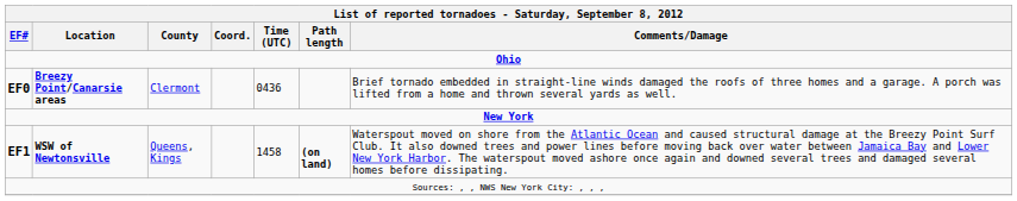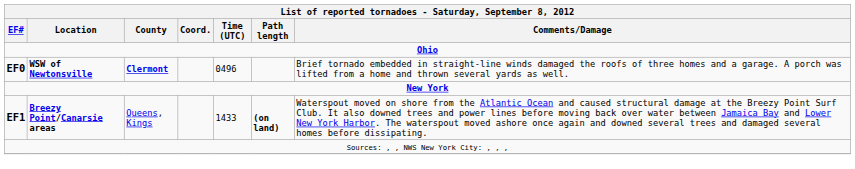 <table class="wikitable collapsible" width="100%">
 <tr>
 <th colspan="7">List of reported tornadoes - Saturday, September 8, 2012</th>
 </tr>
 <tr>
 <th><a href='#'>EF#</a></th>
 <th>Location</th>
 <th>County</th>
 <th>Coord.</th>
 <th>Time (UTC)</th>
 <th>Path length</th>
 <th>Comments/Damage</th>
 </tr>
 <tr>
 <td colspan="7" align=center><strong><a href='#'>Ohio</a></strong></td>
 </tr>
 <tr>
 <td><big><strong>EF0</strong></big></td>
-<td><strong><a href='#'>Breezy Point</a>/<a href='#'>Canarsie</a> areas</strong></td>
-<td><a href='#'>Clermont</a></td>
+<td><strong>WSW of <a href='#'>Newtonsville</a></strong></td>
+<td><strong><a href='#'>Clermont</a></strong></td>
 <td></td>
-<td>0436</td>
+<td>0496</td>
 <td></td>
 <td>Brief tornado embedded in straight-line winds damaged the roofs of three homes and a garage. A porch was lifted from a home and thrown several yards as well.</td>
 </tr>
 <tr>
 <td colspan="7" align=center><strong><a href='#'>New York</a></strong></td>
 </tr>
 <tr>
 <td><big><strong>EF1</strong></big></td>
-<td><strong>WSW of <a href='#'>Newtonsville</a></strong></td>
+<td><strong><a href='#'>Breezy Point</a>/<a href='#'>Canarsie</a> areas</strong></td>
 <td><a href='#'>Queens</a>, <a href='#'>Kings</a></td>
 <td></td>
-<td>1458</td>
+<td>1433</td>
 <td><strong><br>(on land)</strong></td>
 <td>Waterspout moved on shore from the <a href='#'>Atlantic Ocean</a> and caused structural damage at the Breezy Point Surf Club. It also downed trees and power lines before moving back over water between <a href='#'>Jamaica Bay</a> and <a href='#'>Lower New York Harbor</a>. The waterspout moved ashore once again and downed several trees and damaged several homes before dissipating.</td>
 </tr>
 <tr>
 <td colspan="7" align=center><small>Sources: , , NWS New York City: , , , </small></td>
 </tr>
 <tr>
 </tr>
 </table>
